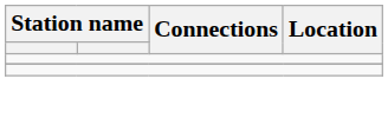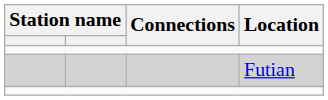 <table class="wikitable">
 <tr>
 <th colspan="2">Station name</th>
 <th rowspan="2">Connections</th>
 <th rowspan="2">Location</th>
 </tr>
 <tr>
 <th></th>
 <th></th>
 </tr>
 <tr style="background:#">
 <td colspan="4"></td>
 </tr>
 <tr bgcolor="lightgrey">
+<td></td>
+<td></td>
+<td> </td>
+<td><a href='#'>Futian</a></td>
+</tr>
+<tr bgcolor="lightgrey">
 </tr>
 <tr style="background:#">
 <td colspan="4"></td>
 </tr>
 </table>
